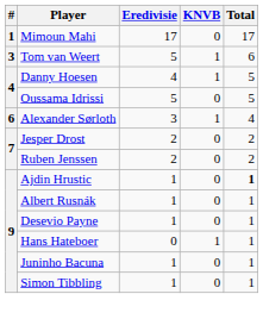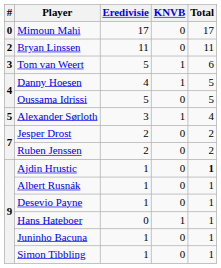 <table class="wikitable" style="text-align:right;">
 <tr>
 <th>#</th>
 <th>Player</th>
 <th><a href='#'>Eredivisie</a></th>
 <th><a href='#'>KNVB</a></th>
 <th>Total</th>
 </tr>
 <tr>
-<th align=center>1</th>
+<th align=center>0</th>
 <td align=left> <a href='#'>Mimoun Mahi</a></td>
 <td>17</td>
 <td>0</td>
 <td>17</td>
+</tr>
+<tr>
+<th align=center>2</th>
+<td align=left> <a href='#'>Bryan Linssen</a></td>
+<td>11</td>
+<td>0</td>
+<td>11</td>
 </tr>
 <tr>
 <th align=center>3</th>
 <td align=left> <a href='#'>Tom van Weert</a></td>
 <td>5</td>
 <td>1</td>
 <td>6</td>
 </tr>
 <tr>
 <th rowspan=2 align=center>4</th>
 <td align=left> <a href='#'>Danny Hoesen</a></td>
 <td>4</td>
 <td>1</td>
 <td>5</td>
 </tr>
 <tr>
 <td align=left> <a href='#'>Oussama Idrissi</a></td>
 <td>5</td>
 <td>0</td>
 <td>5</td>
 </tr>
 <tr>
-<th align=center>6</th>
+<th align=center>5</th>
 <td align=left> <a href='#'>Alexander Sørloth</a></td>
 <td>3</td>
 <td>1</td>
 <td>4</td>
 </tr>
 <tr>
 <th rowspan=2 align=center>7</th>
 <td align=left> <a href='#'>Jesper Drost</a></td>
 <td>2</td>
 <td>0</td>
 <td>2</td>
 </tr>
 <tr>
 <td align=left> <a href='#'>Ruben Jenssen</a></td>
 <td>2</td>
 <td>0</td>
 <td>2</td>
 </tr>
 <tr>
 <th rowspan=6 align=center>9</th>
 <td align=left> <a href='#'>Ajdin Hrustic</a></td>
 <td>1</td>
 <td>0</td>
 <td><strong>1</strong></td>
 </tr>
 <tr>
 <td align=left> <a href='#'>Albert Rusnák</a></td>
 <td>1</td>
 <td>0</td>
 <td>1</td>
 </tr>
 <tr>
 <td align=left> <a href='#'>Desevio Payne</a></td>
 <td>1</td>
 <td>0</td>
 <td>1</td>
 </tr>
 <tr>
 <td align=left> <a href='#'>Hans Hateboer</a></td>
 <td>0</td>
 <td>1</td>
 <td>1</td>
 </tr>
 <tr>
 <td align=left> <a href='#'>Juninho Bacuna</a></td>
 <td>1</td>
 <td>0</td>
 <td>1</td>
 </tr>
 <tr>
 <td align=left> <a href='#'>Simon Tibbling</a></td>
 <td>1</td>
 <td>0</td>
 <td>1</td>
 </tr>
 </table>
